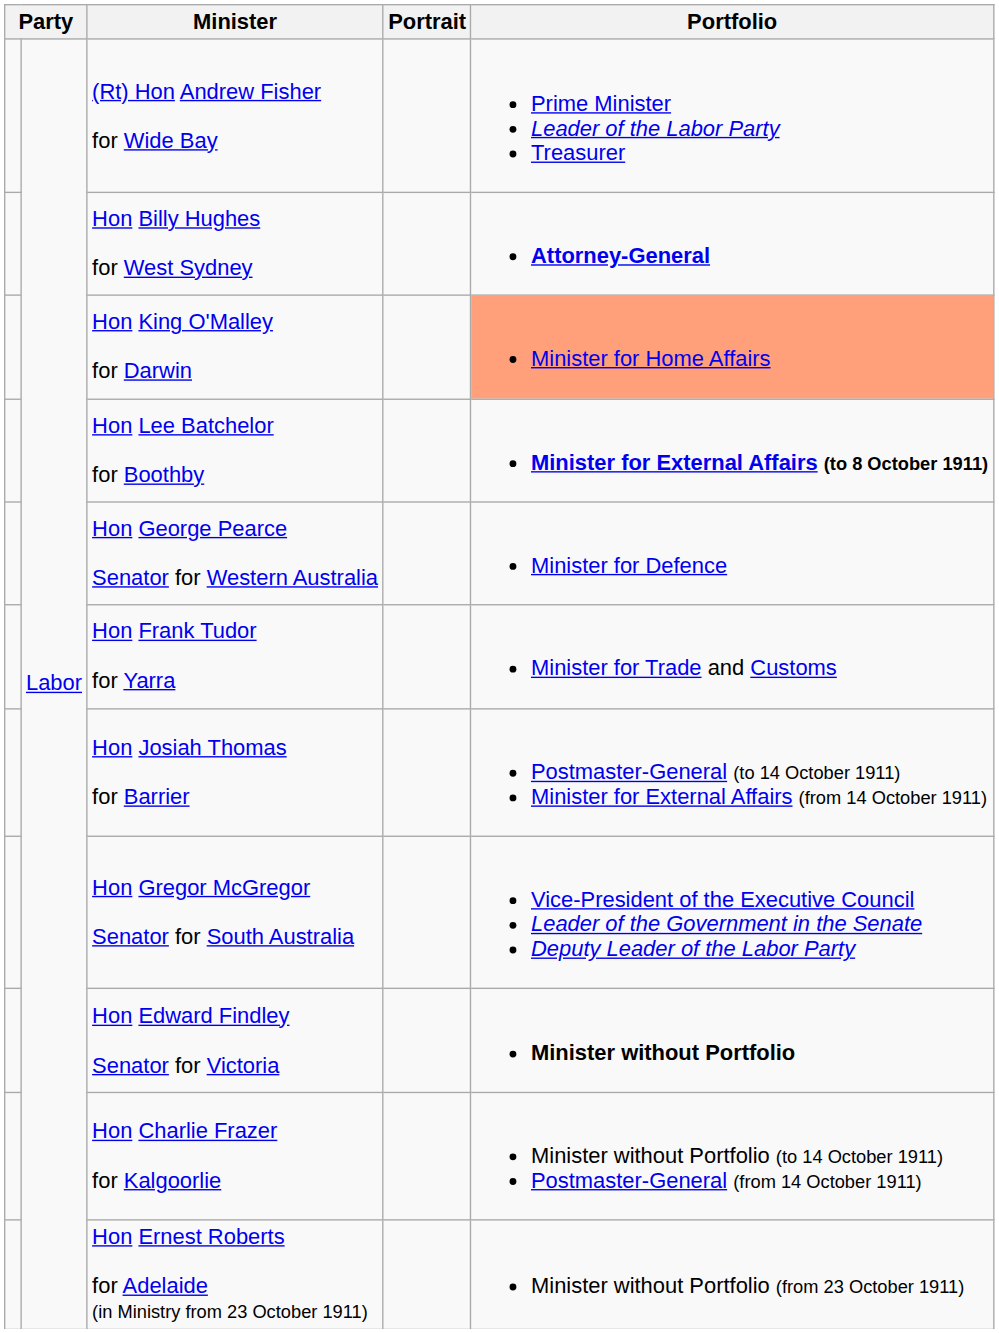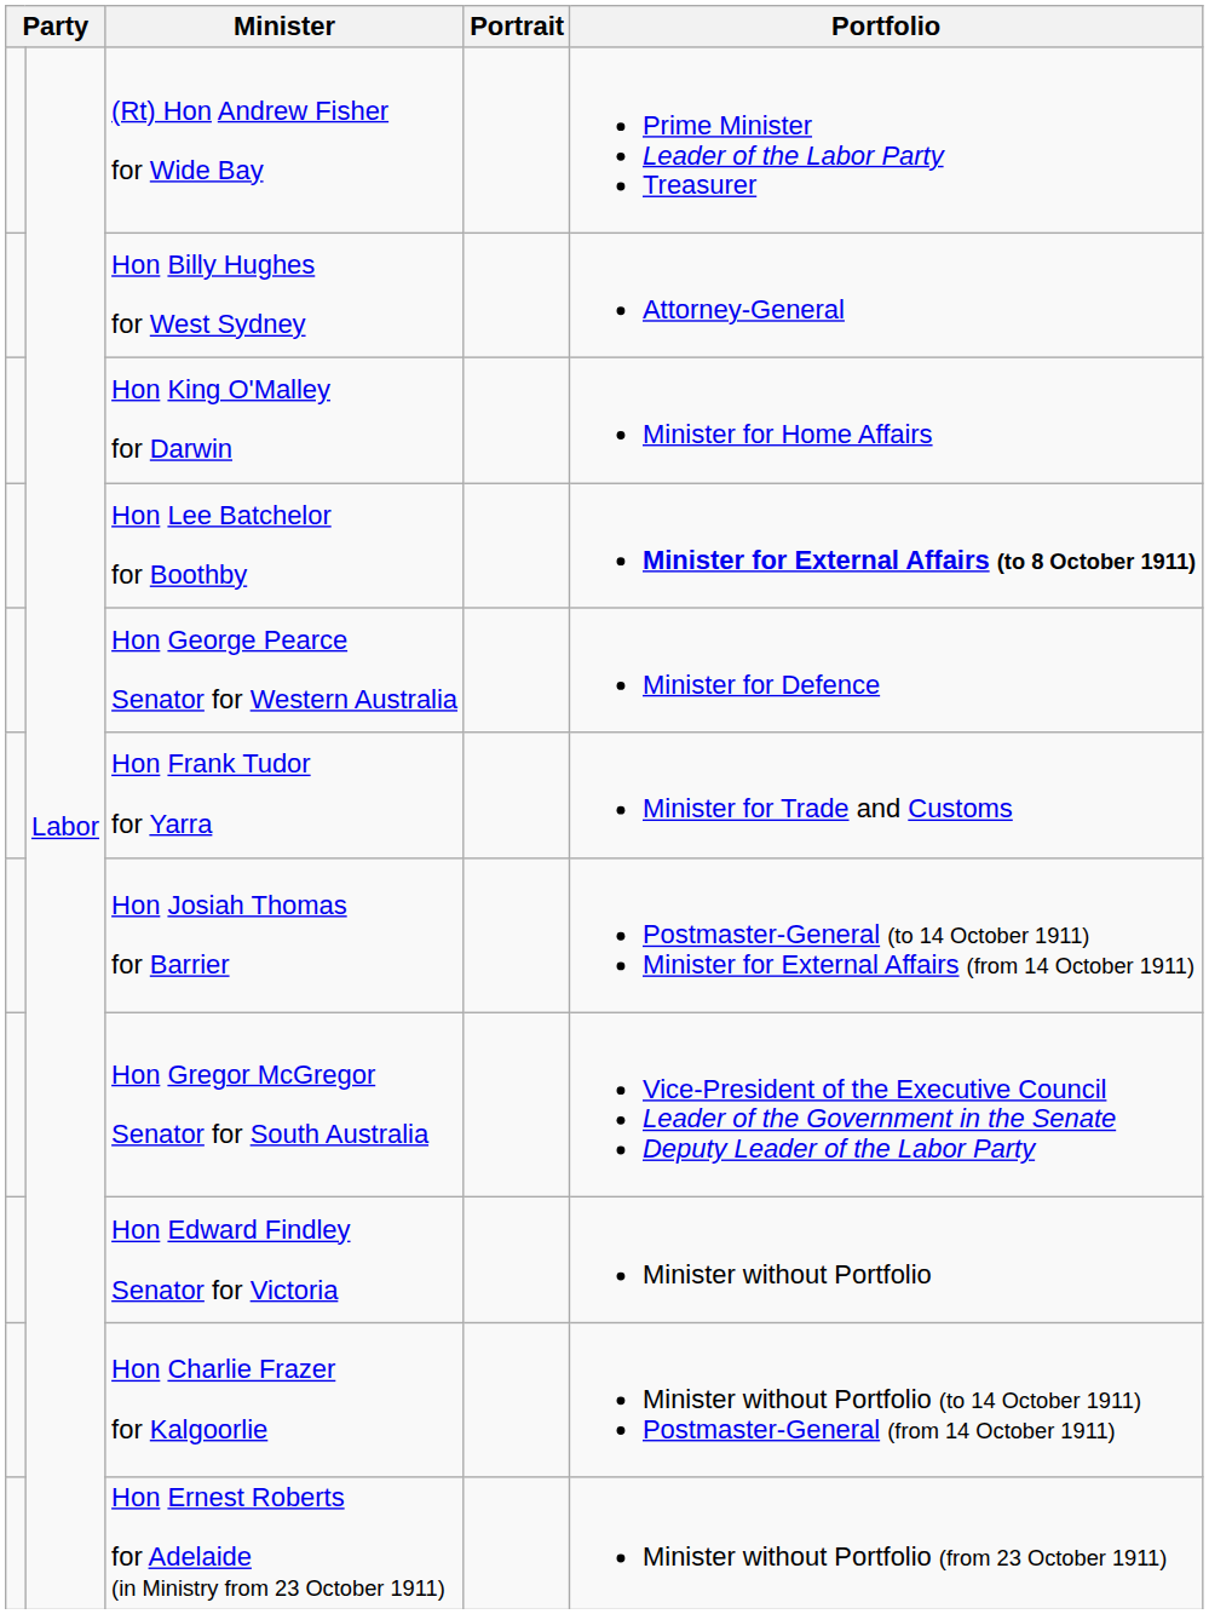 <table class="wikitable sortable">
 <tr>
 <th colspan="2">Party</th>
 <th>Minister</th>
 <th>Portrait</th>
 <th>Portfolio</th>
 </tr>
 <tr>
 <td> </td>
 <td rowspan=11><a href='#'>Labor</a></td>
 <td><a href='#'>(Rt) Hon</a> <a href='#'>Andrew Fisher</a> <br><br> for <a href='#'>Wide Bay</a> <br></td>
 <td></td>
 <td><br><ul><li><a href='#'>Prime Minister</a></li><li><em><a href='#'>Leader of the Labor Party</a></em></li><li><a href='#'>Treasurer</a></li></ul></td>
 </tr>
 <tr>
 <td> </td>
 <td><a href='#'>Hon</a> <a href='#'>Billy Hughes</a>  <br><br> for <a href='#'>West Sydney</a> <br></td>
 <td></td>
-<td><strong><br><ul><li><a href='#'>Attorney-General</a></li></ul></strong></td>
+<td><br><ul><li><a href='#'>Attorney-General</a></li></ul></td>
 </tr>
 <tr>
 <td> </td>
 <td><a href='#'>Hon</a> <a href='#'>King O'Malley</a> <br><br> for <a href='#'>Darwin</a> <br></td>
 <td></td>
-<td style="background: lightsalmon;"><br><ul><li><a href='#'>Minister for Home Affairs</a></li></ul></td>
+<td><br><ul><li><a href='#'>Minister for Home Affairs</a></li></ul></td>
 </tr>
 <tr>
 <td> </td>
 <td><a href='#'>Hon</a> <a href='#'>Lee Batchelor</a> <br><br> for <a href='#'>Boothby</a> <br></td>
 <td></td>
 <td><strong><br><ul><li><a href='#'>Minister for External Affairs</a> <small>(to 8 October 1911)</small></li></ul></strong></td>
 </tr>
 <tr>
 <td> </td>
 <td><a href='#'>Hon</a> <a href='#'>George Pearce</a> <br><br><a href='#'>Senator</a> for <a href='#'>Western Australia</a> <br></td>
 <td></td>
 <td><br><ul><li><a href='#'>Minister for Defence</a></li></ul></td>
 </tr>
 <tr>
 <td> </td>
 <td><a href='#'>Hon</a> <a href='#'>Frank Tudor</a> <br><br> for <a href='#'>Yarra</a> <br></td>
 <td></td>
 <td><br><ul><li><a href='#'>Minister for Trade</a> and <a href='#'>Customs</a></li></ul></td>
 </tr>
 <tr>
 <td> </td>
 <td><a href='#'>Hon</a> <a href='#'>Josiah Thomas</a> <br><br> for <a href='#'>Barrier</a> <br></td>
 <td></td>
 <td><br><ul><li><a href='#'>Postmaster-General</a> <small>(to 14 October 1911)</small></li><li><a href='#'>Minister for External Affairs</a> <small>(from 14 October 1911)</small></li></ul></td>
 </tr>
 <tr>
 <td> </td>
 <td><a href='#'>Hon</a> <a href='#'>Gregor McGregor</a> <br><br><a href='#'>Senator</a> for <a href='#'>South Australia</a> <br></td>
 <td></td>
 <td><br><ul><li><a href='#'>Vice-President of the Executive Council</a></li><li><em><a href='#'>Leader of the Government in the Senate</a></em></li><li><em><a href='#'>Deputy Leader of the Labor Party</a></em></li></ul></td>
 </tr>
 <tr>
 <td> </td>
 <td><a href='#'>Hon</a> <a href='#'>Edward Findley</a> <br><br><a href='#'>Senator</a> for <a href='#'>Victoria</a> <br></td>
 <td></td>
-<td><strong><br><ul><li>Minister without Portfolio</li></ul></strong></td>
+<td><br><ul><li>Minister without Portfolio</li></ul></td>
 </tr>
 <tr>
 <td> </td>
 <td><a href='#'>Hon</a> <a href='#'>Charlie Frazer</a> <br><br> for <a href='#'>Kalgoorlie</a> <br></td>
 <td></td>
 <td><br><ul><li>Minister without Portfolio <small>(to 14 October 1911)</small></li><li><a href='#'>Postmaster-General</a> <small>(from 14 October 1911)</small></li></ul></td>
 </tr>
 <tr>
 <td> </td>
 <td><a href='#'>Hon</a> <a href='#'>Ernest Roberts</a> <br><br> for <a href='#'>Adelaide</a> <br> <small>(in Ministry from 23 October 1911)</small></td>
 <td></td>
 <td><br><ul><li>Minister without Portfolio <small>(from 23 October 1911)</small></li></ul></td>
 </tr>
 </table>
